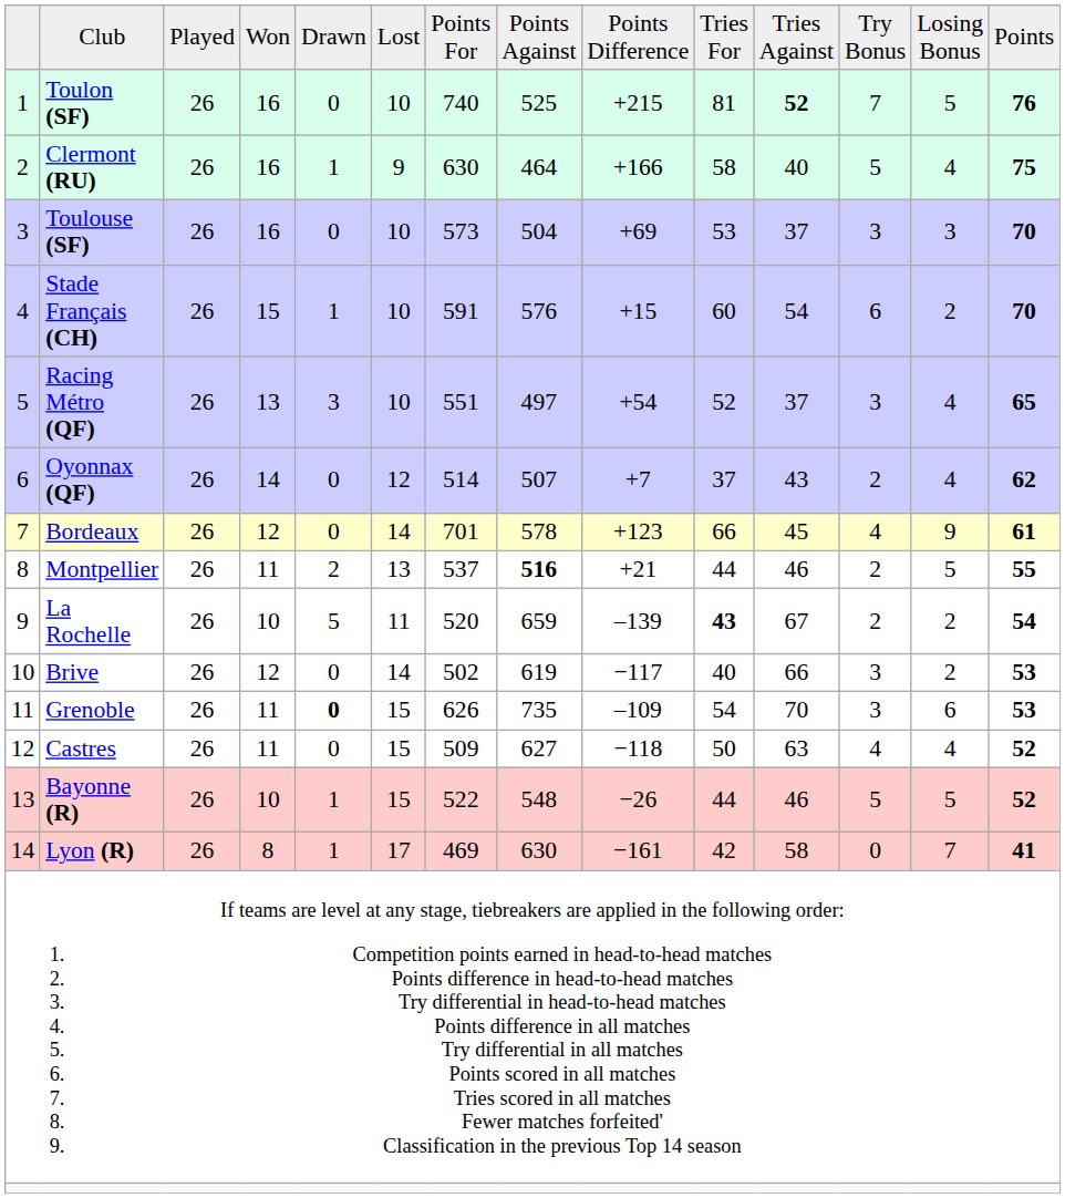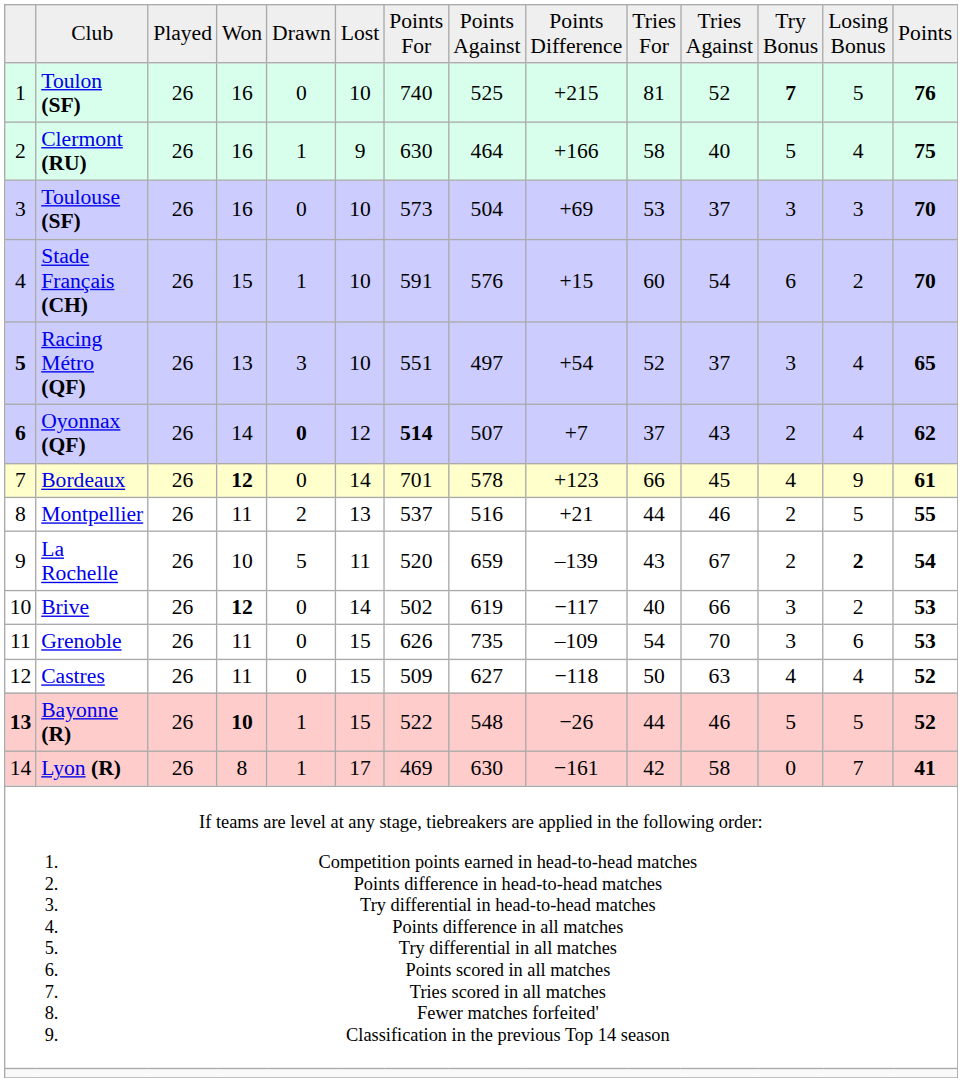 <table class="wikitable" style="text-align: center;">
 <tr>
 <td style="background-color:#efefef;" width="20"></td>
 <td style="background-color:#efefef;" width="150">Club</td>
 <td style="background-color:#efefef;" width="20">Played</td>
 <td style="background-color:#efefef;" width="20">Won</td>
 <td style="background-color:#efefef;" width="20">Drawn</td>
 <td style="background-color:#efefef;" width="20">Lost</td>
 <td style="background-color:#efefef;" width="20">Points For</td>
 <td style="background-color:#efefef;" width="20">Points Against</td>
 <td style="background-color:#efefef;" width="20">Points Difference</td>
 <td style="background-color:#efefef;" width="20">Tries For</td>
 <td style="background-color:#efefef;" width="20">Tries Against</td>
 <td style="background-color:#efefef;" width="20">Try Bonus</td>
 <td style="background-color:#efefef;" width="20">Losing Bonus</td>
 <td style="background-color:#efefef;" width="20">Points</td>
 </tr>
 <tr style="background-color:#d8ffeb;text-align:center;">
 <td>1</td>
 <td style="text-align:left;"><a href='#'>Toulon</a> <strong>(SF)</strong></td>
 <td>26</td>
 <td>16</td>
 <td>0</td>
 <td>10</td>
 <td>740</td>
 <td>525</td>
 <td>+215</td>
 <td>81</td>
-<td><strong>52</strong></td>
-<td>7</td>
+<td>52</td>
+<td><strong>7</strong></td>
 <td>5</td>
 <td><strong>76</strong></td>
 </tr>
 <tr style="background-color:#d8ffeb;text-align:center;">
 <td>2</td>
 <td style="text-align:left;"><a href='#'>Clermont</a> <strong>(RU)</strong></td>
 <td>26</td>
 <td>16</td>
 <td>1</td>
 <td>9</td>
 <td>630</td>
 <td>464</td>
 <td>+166</td>
 <td>58</td>
 <td>40</td>
 <td>5</td>
 <td>4</td>
 <td><strong>75</strong></td>
 </tr>
 <tr style="background-color:#ccccff;text-align:center;">
 <td>3</td>
 <td style="text-align:left;"><a href='#'>Toulouse</a> <strong>(SF)</strong></td>
 <td>26</td>
 <td>16</td>
 <td>0</td>
 <td>10</td>
 <td>573</td>
 <td>504</td>
 <td>+69</td>
 <td>53</td>
 <td>37</td>
 <td>3</td>
 <td>3</td>
 <td><strong>70</strong></td>
 </tr>
 <tr style="background-color:#ccccff;text-align:center;">
 <td>4</td>
 <td style="text-align:left;"><a href='#'>Stade Français</a> <strong>(CH)</strong></td>
 <td>26</td>
 <td>15</td>
 <td>1</td>
 <td>10</td>
 <td>591</td>
 <td>576</td>
 <td>+15</td>
 <td>60</td>
 <td>54</td>
 <td>6</td>
 <td>2</td>
 <td><strong>70</strong></td>
 </tr>
 <tr style="background-color:#ccccff;text-align:center;">
-<td>5</td>
+<td><strong>5</strong></td>
 <td style="text-align:left;"><a href='#'>Racing Métro</a> <strong>(QF)</strong></td>
 <td>26</td>
 <td>13</td>
 <td>3</td>
 <td>10</td>
 <td>551</td>
 <td>497</td>
 <td>+54</td>
 <td>52</td>
 <td>37</td>
 <td>3</td>
 <td>4</td>
 <td><strong>65</strong></td>
 </tr>
 <tr style="background-color:#ccccff;text-align:center;">
-<td>6</td>
+<td><strong>6</strong></td>
 <td style="text-align:left;"><a href='#'>Oyonnax</a> <strong>(QF)</strong></td>
 <td>26</td>
 <td>14</td>
-<td>0</td>
+<td><strong>0</strong></td>
 <td>12</td>
-<td>514</td>
+<td><strong>514</strong></td>
 <td>507</td>
 <td>+7</td>
 <td>37</td>
 <td>43</td>
 <td>2</td>
 <td>4</td>
 <td><strong>62</strong></td>
 </tr>
 <tr style="background-color:#ffffcc;text-align:center;">
 <td>7</td>
 <td style="text-align:left;"><a href='#'>Bordeaux</a></td>
 <td>26</td>
-<td>12</td>
+<td><strong>12</strong></td>
 <td>0</td>
 <td>14</td>
 <td>701</td>
 <td>578</td>
 <td>+123</td>
 <td>66</td>
 <td>45</td>
 <td>4</td>
 <td>9</td>
 <td><strong>61</strong></td>
 </tr>
 <tr style="background-color:#ffffff;text-align:center;">
 <td>8</td>
 <td style="text-align:left;"><a href='#'>Montpellier</a></td>
 <td>26</td>
 <td>11</td>
 <td>2</td>
 <td>13</td>
 <td>537</td>
-<td><strong>516</strong></td>
+<td>516</td>
 <td>+21</td>
 <td>44</td>
 <td>46</td>
 <td>2</td>
 <td>5</td>
 <td><strong>55</strong></td>
 </tr>
 <tr style="background-color:#ffffff;text-align:center;">
 <td>9</td>
 <td style="text-align:left;"><a href='#'>La Rochelle</a></td>
 <td>26</td>
 <td>10</td>
 <td>5</td>
 <td>11</td>
 <td>520</td>
 <td>659</td>
 <td>–139</td>
-<td><strong>43</strong></td>
+<td>43</td>
 <td>67</td>
 <td>2</td>
-<td>2</td>
+<td><strong>2</strong></td>
 <td><strong>54</strong></td>
 </tr>
 <tr style="background-color:#ffffff;text-align:center;">
 <td>10</td>
 <td style="text-align:left;"><a href='#'>Brive</a></td>
 <td>26</td>
-<td>12</td>
+<td><strong>12</strong></td>
 <td>0</td>
 <td>14</td>
 <td>502</td>
 <td>619</td>
 <td>−117</td>
 <td>40</td>
 <td>66</td>
 <td>3</td>
 <td>2</td>
 <td><strong>53</strong></td>
 </tr>
 <tr style="background-color:#ffffff;text-align:center;">
 <td>11</td>
 <td style="text-align:left;"><a href='#'>Grenoble</a></td>
 <td>26</td>
 <td>11</td>
-<td><strong>0</strong></td>
+<td>0</td>
 <td>15</td>
 <td>626</td>
 <td>735</td>
 <td>–109</td>
 <td>54</td>
 <td>70</td>
 <td>3</td>
 <td>6</td>
 <td><strong>53</strong></td>
 </tr>
 <tr style="background-color:#ffffff;text-align:center;">
 <td>12</td>
 <td style="text-align:left;"><a href='#'>Castres</a></td>
 <td>26</td>
 <td>11</td>
 <td>0</td>
 <td>15</td>
 <td>509</td>
 <td>627</td>
 <td>−118</td>
 <td>50</td>
 <td>63</td>
 <td>4</td>
 <td>4</td>
 <td><strong>52</strong></td>
 </tr>
 <tr style="background-color:#ffcccc;text-align:center;">
-<td>13</td>
+<td><strong>13</strong></td>
 <td style="text-align:left;"><a href='#'>Bayonne</a> <strong>(R)</strong></td>
 <td>26</td>
-<td>10</td>
+<td><strong>10</strong></td>
 <td>1</td>
 <td>15</td>
 <td>522</td>
 <td>548</td>
 <td>−26</td>
 <td>44</td>
 <td>46</td>
 <td>5</td>
 <td>5</td>
 <td><strong>52</strong></td>
 </tr>
 <tr style="background-color:#ffcccc;text-align:center;">
 <td>14</td>
 <td style="text-align:left;"><a href='#'>Lyon</a> <strong>(R)</strong></td>
 <td>26</td>
 <td>8</td>
 <td>1</td>
 <td>17</td>
 <td>469</td>
 <td>630</td>
 <td>−161</td>
 <td>42</td>
 <td>58</td>
 <td>0</td>
 <td>7</td>
 <td><strong>41</strong></td>
 </tr>
 <tr style="background-color:#ffffff;text-align:center;">
 <td colspan="14" style="font-size:85%"><br>If teams are level at any stage, tiebreakers are applied in the following order:<ol><li>Competition points earned in head-to-head matches</li><li>Points difference in head-to-head matches</li><li>Try differential in head-to-head matches</li><li>Points difference in all matches</li><li>Try differential in all matches</li><li>Points scored in all matches</li><li>Tries scored in all matches</li><li>Fewer matches forfeited'</li><li>Classification in the previous Top 14 season</li></ol></td>
 </tr>
 <tr>
 <td colspan="15" style="border-width:0; font-size:85%"></td>
 </tr>
 </table>
